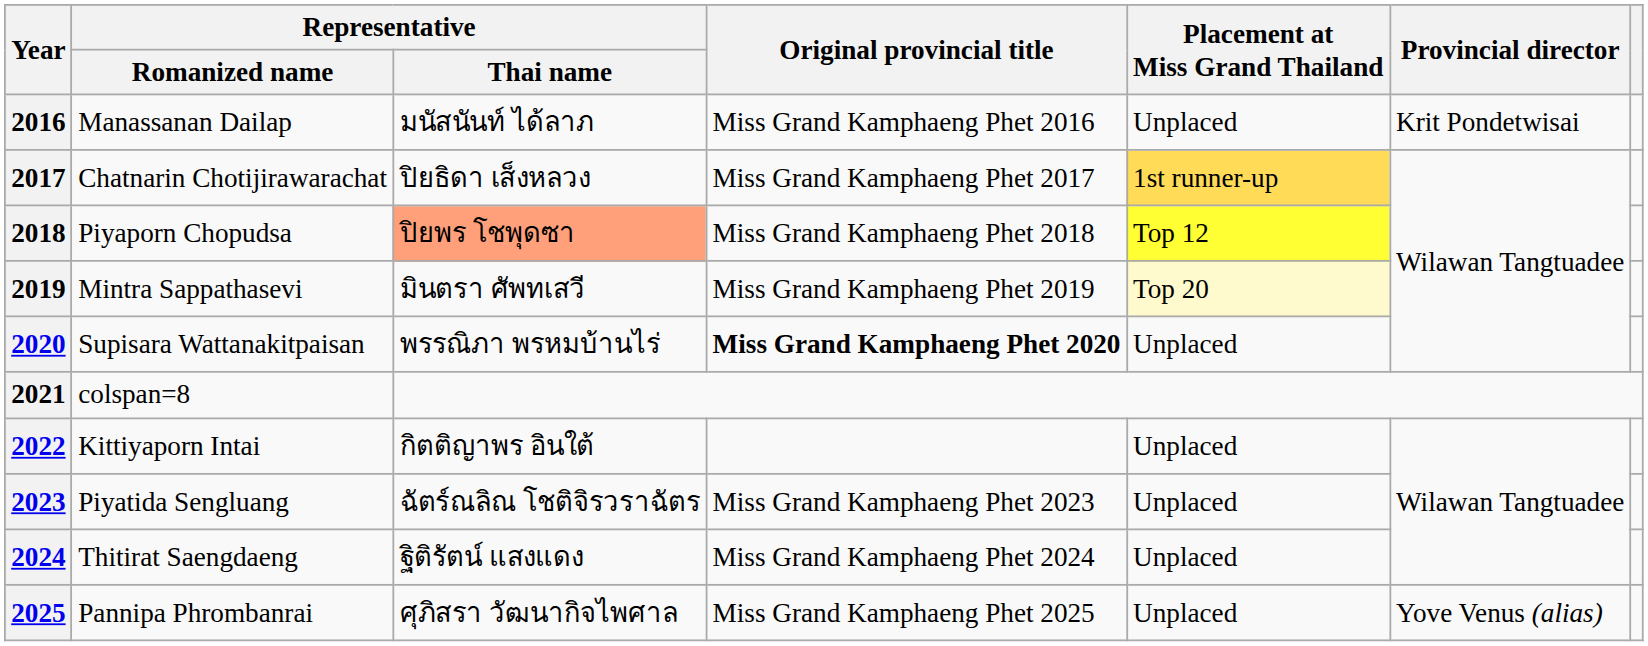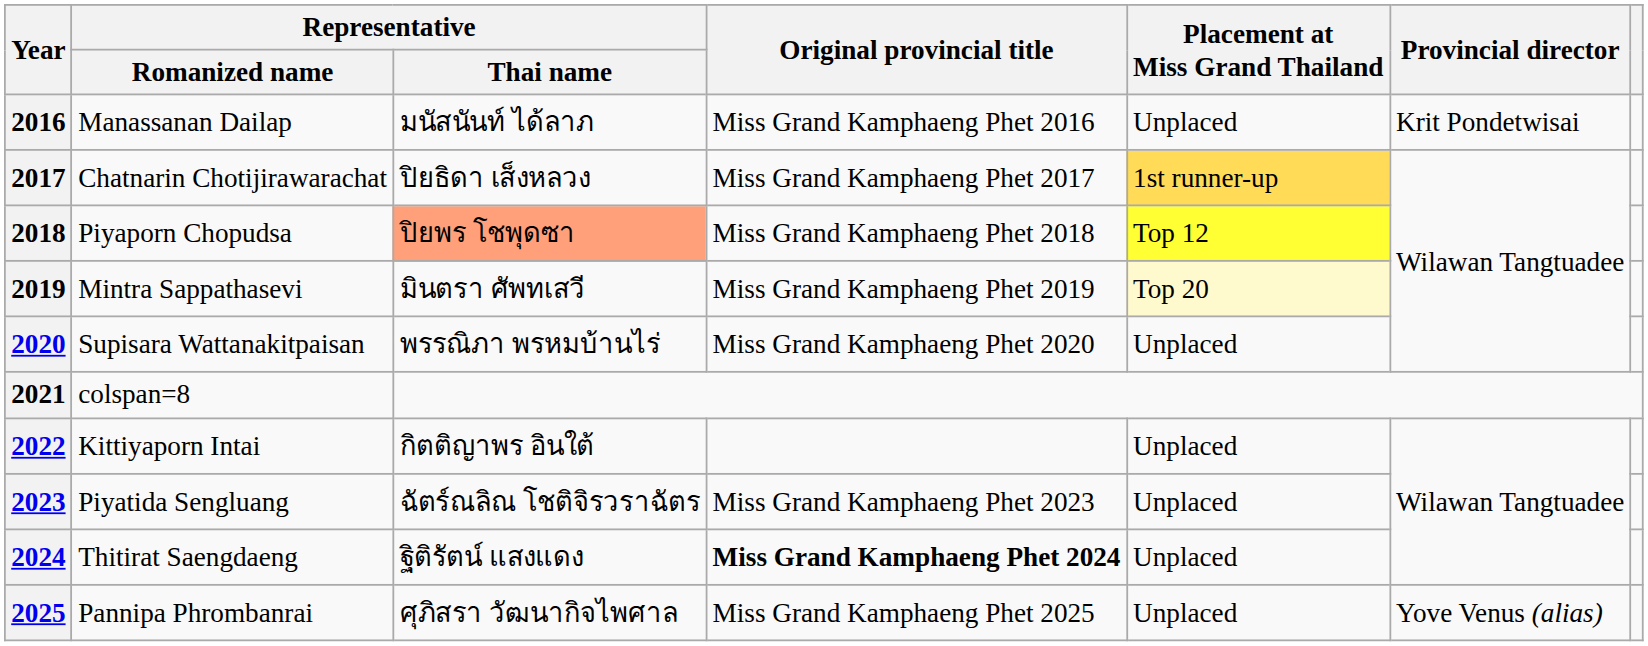 <table class="wikitable defaultcenter col2left col3left col6left" style="font-size:95%;">
 <tr>
 <th rowspan=2>Year</th>
 <th colspan=2>Representative</th>
 <th rowspan=2>Original provincial title</th>
 <th rowspan=2>Placement at<br>Miss Grand Thailand</th>
 <th rowspan=2>Provincial director</th>
 <th rowspan=2></th>
 </tr>
 <tr>
 <th>Romanized name</th>
 <th>Thai name</th>
 </tr>
 <tr>
 <th>2016</th>
 <td>Manassanan Dailap</td>
 <td>มนัสนันท์ ได้ลาภ</td>
 <td>Miss Grand Kamphaeng Phet 2016</td>
 <td>Unplaced</td>
 <td>Krit Pondetwisai</td>
 <td></td>
 </tr>
 <tr>
 <th>2017</th>
 <td>Chatnarin Chotijirawarachat</td>
 <td>ปิยธิดา เส็งหลวง</td>
 <td>Miss Grand Kamphaeng Phet 2017</td>
 <td bgcolor=#FFDB58>1st runner-up</td>
 <td rowspan=4>Wilawan Tangtuadee</td>
 <td></td>
 </tr>
 <tr>
 <th>2018</th>
 <td>Piyaporn Chopudsa</td>
 <td style="background: lightsalmon;">ปิยพร โชพุดซา</td>
 <td>Miss Grand Kamphaeng Phet 2018</td>
 <td bgcolor=#FFFF33>Top 12</td>
 <td></td>
 </tr>
 <tr>
 <th>2019</th>
 <td>Mintra Sappathasevi</td>
 <td>มินตรา ศัพทเสวี</td>
 <td>Miss Grand Kamphaeng Phet 2019</td>
 <td bgcolor=#FFFACD>Top 20</td>
 <td></td>
 </tr>
 <tr>
 <th><a href='#'>2020</a></th>
 <td>Supisara Wattanakitpaisan</td>
 <td>พรรณิภา พรหมบ้านไร่</td>
-<td><strong>Miss Grand Kamphaeng Phet 2020</strong></td>
+<td>Miss Grand Kamphaeng Phet 2020</td>
 <td>Unplaced</td>
 <td></td>
 </tr>
 <tr>
 <th>2021</th>
 <td>colspan=8 </td>
 </tr>
 <tr>
 <th><a href='#'>2022</a></th>
 <td>Kittiyaporn Intai</td>
 <td>กิตติญาพร อินใต้</td>
 <td></td>
 <td>Unplaced</td>
 <td rowspan=3>Wilawan Tangtuadee</td>
 <td></td>
 </tr>
 <tr>
 <th><a href='#'>2023</a></th>
 <td>Piyatida Sengluang</td>
 <td>ฉัตร์ณลิณ โชติจิรวราฉัตร</td>
 <td>Miss Grand Kamphaeng Phet 2023</td>
 <td>Unplaced</td>
 <td></td>
 </tr>
 <tr>
 <th><a href='#'>2024</a></th>
 <td>Thitirat Saengdaeng</td>
 <td>ฐิติรัตน์ แสงแดง</td>
-<td>Miss Grand Kamphaeng Phet 2024</td>
+<td><strong>Miss Grand Kamphaeng Phet 2024</strong></td>
 <td>Unplaced</td>
 <td></td>
 </tr>
 <tr>
 <th><a href='#'>2025</a></th>
 <td>Pannipa Phrombanrai</td>
 <td>ศุภิสรา วัฒนากิจไพศาล</td>
 <td>Miss Grand Kamphaeng Phet 2025</td>
 <td>Unplaced</td>
 <td>Yove Venus <em>(alias)</em></td>
 <td></td>
 </tr>
 </table>
